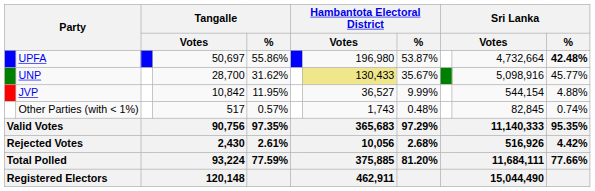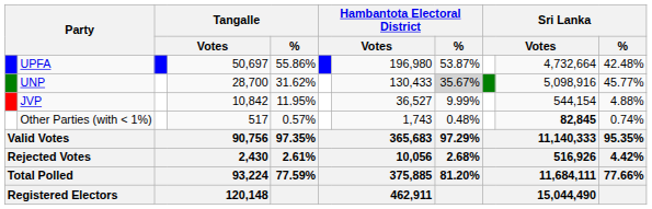 <table class="wikitable">
 <tr>
 <th colspan="2" width="144px"rowspan="2">Party</th>
 <th colspan="3" width="216px">Tangalle</th>
 <th colspan="3" width="216px"><a href='#'>Hambantota Electoral District</a></th>
 <th colspan="3" width="216px">Sri Lanka</th>
 </tr>
 <tr>
 <th colspan="2" width="144px">Votes</th>
 <th>%</th>
 <th colspan="2" width="144px">Votes</th>
 <th>%</th>
 <th colspan="2" width="144px">Votes</th>
 <th>%</th>
 </tr>
 <tr>
 <td style="background-color:blue;" width="10px"></td>
 <td style="text-align:left;"><a href='#'>UPFA</a></td>
 <td style="background-color:blue;" width="10px"></td>
 <td style="text-align:right;">50,697</td>
 <td style="text-align:right;">55.86%</td>
 <td style="background-color:blue;" width="10px"></td>
 <td style="text-align:right;">196,980</td>
 <td style="text-align:right;">53.87%</td>
 <td style="background-color:white;" width="10px"></td>
 <td style="text-align:right;">4,732,664</td>
-<td style="text-align:right;"><strong>42.48%</strong></td>
+<td style="text-align:right;">42.48%</td>
 </tr>
 <tr>
 <td style="background-color:green;" width="10px"></td>
 <td style="text-align:left;"><a href='#'>UNP</a></td>
 <td style="background-color:white;" width="10px"></td>
 <td style="text-align:right;">28,700</td>
 <td style="text-align:right;">31.62%</td>
 <td style="background-color:white;" width="10px"></td>
-<td style="background: khaki; text-align:right;">130,433</td>
-<td style="text-align:right;">35.67%</td>
+<td style="text-align:right;">130,433</td>
+<td style="background: lightgrey; text-align:right;">35.67%</td>
 <td style="background-color:green;" width="10px"></td>
 <td style="text-align:right;">5,098,916</td>
 <td style="text-align:right;">45.77%</td>
 </tr>
 <tr>
 <td style="background-color:red;" width="10px"></td>
 <td style="text-align:left;"><a href='#'>JVP</a></td>
 <td style="background-color:white;" width="10px"></td>
 <td style="text-align:right;">10,842</td>
 <td style="text-align:right;">11.95%</td>
 <td style="background-color:white;" width="10px"></td>
 <td style="text-align:right;">36,527</td>
 <td style="text-align:right;">9.99%</td>
 <td style="background-color:white;" width="10px"></td>
 <td style="text-align:right;">544,154</td>
 <td style="text-align:right;">4.88%</td>
 </tr>
 <tr>
 <td style="background-color:white;" width="10px"></td>
 <td style="text-align:left;">Other Parties (with < 1%)</td>
 <td style="background-color:white;" width="10px"></td>
 <td style="text-align:right;">517</td>
 <td style="text-align:right;">0.57%</td>
 <td style="background-color:white;" width="10px"></td>
 <td style="text-align:right;">1,743</td>
 <td style="text-align:right;">0.48%</td>
 <td style="background-color:white;" width="10px"></td>
-<td style="text-align:right;">82,845</td>
+<td style="text-align:right;"><strong>82,845</strong></td>
 <td style="text-align:right;">0.74%</td>
 </tr>
 <tr>
 <th colspan="2" width="144px"style="text-align:left;">Valid Votes</th>
 <th style="text-align:right;"colspan="2" width="144px">90,756</th>
 <th style="text-align:right;">97.35%</th>
 <th style="text-align:right;"colspan="2" width="144px">365,683</th>
 <th style="text-align:right;">97.29%</th>
 <th style="text-align:right;"colspan="2" width="144px">11,140,333</th>
 <th style="text-align:right;">95.35%</th>
 </tr>
 <tr>
 <th colspan="2" width="144px"style="text-align:left;">Rejected Votes</th>
 <th style="text-align:right;"colspan="2" width="144px">2,430</th>
 <th style="text-align:right;">2.61%</th>
 <th style="text-align:right;"colspan="2" width="144px">10,056</th>
 <th style="text-align:right;">2.68%</th>
 <th style="text-align:right;"colspan="2" width="144px">516,926</th>
 <th style="text-align:right;">4.42%</th>
 </tr>
 <tr>
 <th colspan="2" width="144px"style="text-align:left;">Total Polled</th>
 <th style="text-align:right;"colspan="2" width="144px">93,224</th>
 <th style="text-align:right;">77.59%</th>
 <th style="text-align:right;"colspan="2" width="144px">375,885</th>
 <th style="text-align:right;">81.20%</th>
 <th style="text-align:right;"colspan="2" width="144px">11,684,111</th>
 <th style="text-align:right;">77.66%</th>
 </tr>
 <tr>
 <th colspan="2" width="144px"style="text-align:left;">Registered Electors</th>
 <th style="text-align:right;"colspan="2" width="144px">120,148</th>
 <th></th>
 <th style="text-align:right;"colspan="2" width="144px">462,911</th>
 <th></th>
 <th style="text-align:right;"colspan="2" width="144px">15,044,490</th>
 <th></th>
 </tr>
 </table>
